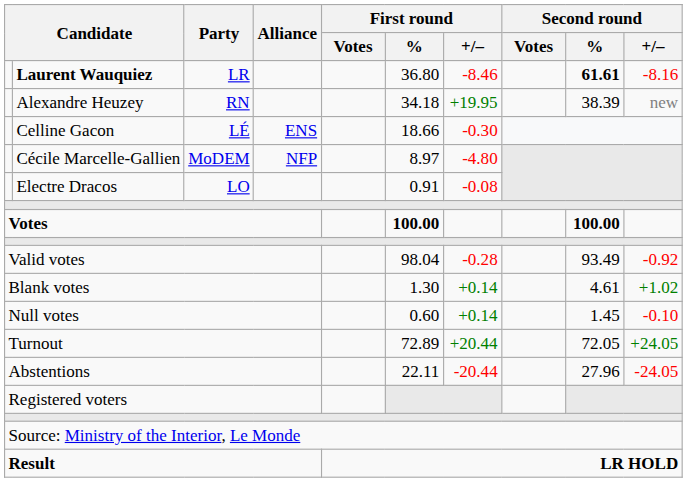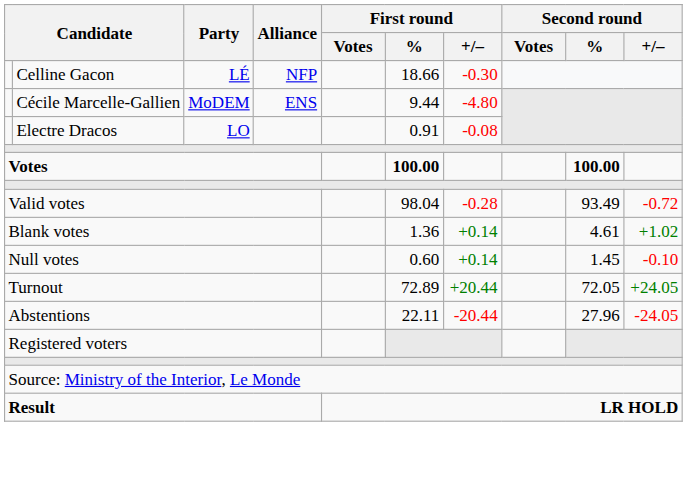 <table class="wikitable" style="text-align:right;font-size:95%;">
 <tr>
 <th rowspan="2" colspan="2">Candidate</th>
 <th colspan="1" rowspan="2">Party</th>
 <th colspan="1" rowspan="2">Alliance</th>
 <th colspan="3">First round</th>
 <th colspan="3">Second round</th>
 </tr>
 <tr>
 <th style="width:50px;">Votes</th>
 <th style="width:45px;">%</th>
 <th style="width:45px;">+/–</th>
 <th style="width:50px;">Votes</th>
 <th style="width:45px;">%</th>
 <th style="width:45px;">+/–</th>
 </tr>
 <tr>
 <td style="color:inherit;background:"></td>
-<td style="text-align:left;"><strong>Laurent Wauquiez</strong></td>
-<td><a href='#'>LR</a></td>
-<td></td>
-<td></td>
-<td>36.80</td>
-<td style="color:red;">-8.46</td>
-<td><strong></strong></td>
-<td><strong>61.61</strong></td>
-<td style="color:red;">-8.16</td>
-</tr>
-<tr>
-<td style="color:inherit;background:"></td>
-<td style="text-align:left;">Alexandre Heuzey</td>
-<td><a href='#'>RN</a></td>
-<td></td>
-<td></td>
-<td>34.18</td>
-<td style="color:green;">+19.95</td>
-<td></td>
-<td>38.39</td>
-<td style="color:grey;">new</td>
-</tr>
-<tr>
-<td style="color:inherit;background:"></td>
 <td style="text-align:left;">Celline Gacon</td>
 <td><a href='#'>LÉ</a></td>
-<td><a href='#'>ENS</a></td>
+<td><a href='#'>NFP</a></td>
 <td></td>
 <td>18.66</td>
 <td style="color:red;">-0.30</td>
 <td colspan="3" style="background:#F8F9FA;"></td>
 </tr>
 <tr>
 <td style="color:inherit;background:"></td>
 <td style="text-align:left;">Cécile Marcelle-Gallien</td>
 <td><a href='#'>MoDEM</a></td>
-<td><a href='#'>NFP</a></td>
+<td><a href='#'>ENS</a></td>
 <td></td>
-<td>8.97</td>
+<td>9.44</td>
 <td style="color:red;">-4.80</td>
 <td colspan="3" rowspan="2" style="background:#E9E9E9;"></td>
 </tr>
 <tr>
 <td style="color:inherit;background:"></td>
 <td style="text-align:left;">Electre Dracos</td>
 <td><a href='#'>LO</a></td>
 <td></td>
 <td></td>
 <td>0.91</td>
 <td style="color:red;">-0.08</td>
 </tr>
 <tr>
 <td colspan="10" style="background:#E9E9E9;"></td>
 </tr>
 <tr style="font-weight:bold;">
 <td colspan="4" style="text-align:left;">Votes</td>
 <td></td>
 <td>100.00</td>
 <td></td>
 <td></td>
 <td>100.00</td>
 <td></td>
 </tr>
 <tr>
 <td colspan="10" style="background:#E9E9E9;"></td>
 </tr>
 <tr>
 <td colspan="4" style="text-align:left;">Valid votes</td>
 <td></td>
 <td>98.04</td>
 <td style="color:red;">-0.28</td>
 <td></td>
 <td>93.49</td>
-<td style="color:red;">-0.92</td>
+<td style="color:red;">-0.72</td>
 </tr>
 <tr>
 <td colspan="4" style="text-align:left;">Blank votes</td>
 <td></td>
-<td>1.30</td>
+<td>1.36</td>
 <td style="color:green;">+0.14</td>
 <td></td>
 <td>4.61</td>
 <td style="color:green;">+1.02</td>
 </tr>
 <tr>
 <td colspan="4" style="text-align:left;">Null votes</td>
 <td></td>
 <td>0.60</td>
 <td style="color:green;">+0.14</td>
 <td></td>
 <td>1.45</td>
 <td style="color:red;">-0.10</td>
 </tr>
 <tr>
 <td colspan="4" style="text-align:left;">Turnout</td>
 <td></td>
 <td>72.89</td>
 <td style="color:green;">+20.44</td>
 <td></td>
 <td>72.05</td>
 <td style="color:green;">+24.05</td>
 </tr>
 <tr>
 <td colspan="4" style="text-align:left;">Abstentions</td>
 <td></td>
 <td>22.11</td>
 <td style="color:red;">-20.44</td>
 <td></td>
 <td>27.96</td>
 <td style="color:red;">-24.05</td>
 </tr>
 <tr>
 <td colspan="4" style="text-align:left;">Registered voters</td>
 <td></td>
 <td colspan="2" style="background:#E9E9E9;"></td>
 <td></td>
 <td colspan="2" style="background:#E9E9E9;"></td>
 </tr>
 <tr>
 <td colspan="10" style="background:#E9E9E9;"></td>
 </tr>
 <tr>
 <td colspan="10" style="text-align:left;">Source: <a href='#'>Ministry of the Interior</a>, <a href='#'>Le Monde</a></td>
 </tr>
 <tr style="font-weight:bold">
 <td colspan="4" style="text-align:left;">Result</td>
 <td colspan="6" style="background-color:">LR HOLD</td>
 </tr>
 </table>
